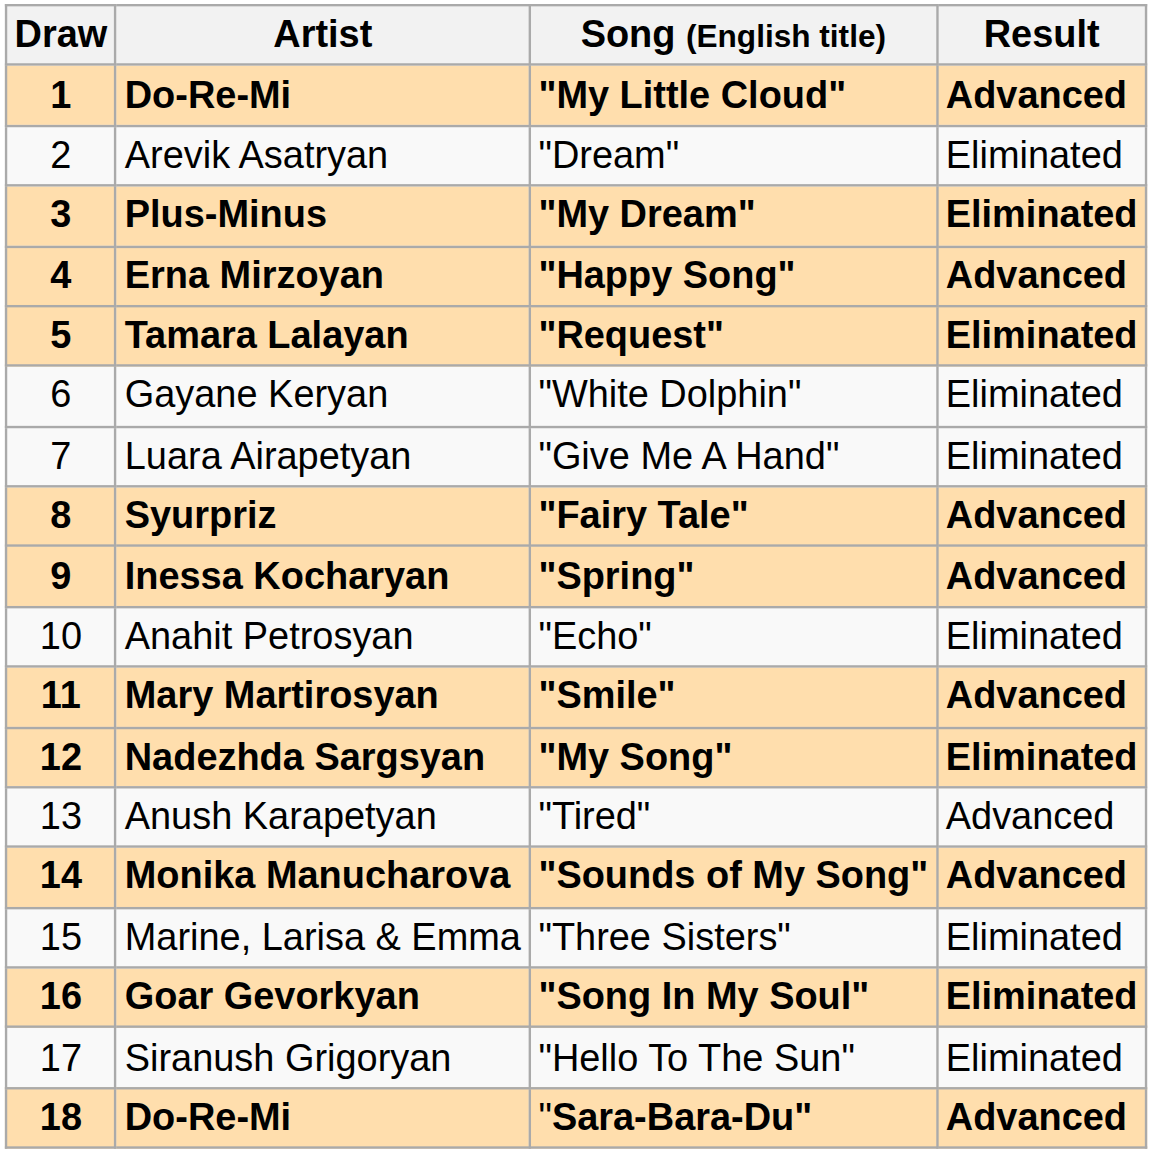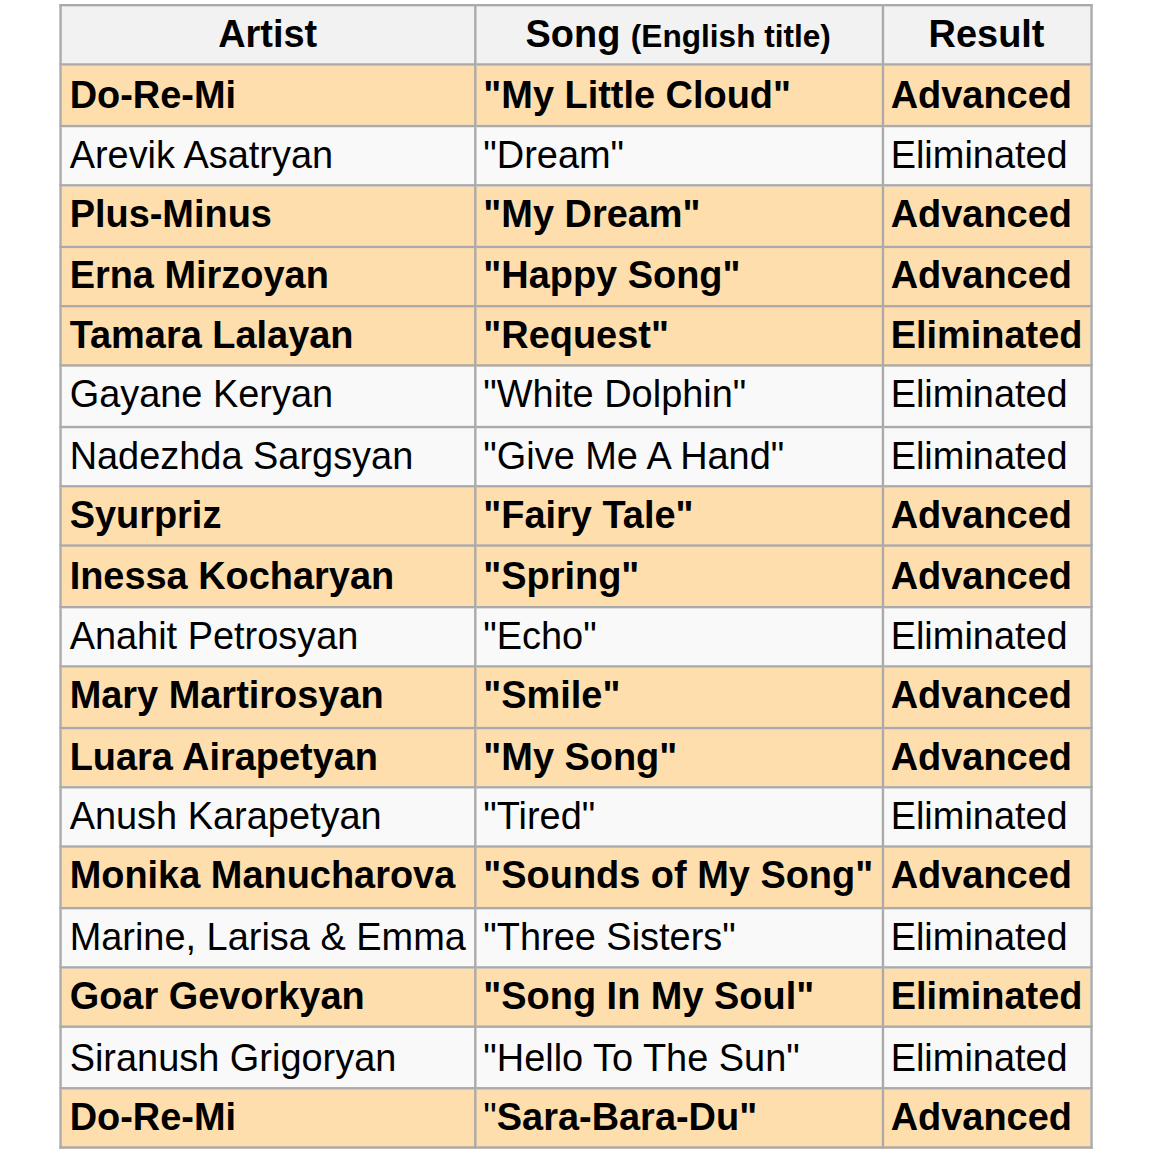 <table class="sortable wikitable" style="margin: 1em auto 1em auto">
 <tr>
-<th>Draw</th>
 <th>Artist</th>
 <th>Song <small>(English title)</small></th>
 <th>Result</th>
 </tr>
 <tr style="font-weight:bold;background:navajowhite">
-<td style="text-align:center;">1</td>
 <td>Do-Re-Mi</td>
 <td>"My Little Cloud"</td>
 <td>Advanced</td>
 </tr>
 <tr>
-<td style="text-align:center;">2</td>
 <td>Arevik Asatryan</td>
 <td>"Dream"</td>
 <td>Eliminated</td>
 </tr>
 <tr style="font-weight:bold;background:navajowhite">
-<td style="text-align:center;">3</td>
 <td>Plus-Minus</td>
 <td>"My Dream"</td>
-<td>Eliminated</td>
+<td>Advanced</td>
 </tr>
 <tr style="font-weight:bold;background:navajowhite">
-<td style="text-align:center;">4</td>
 <td>Erna Mirzoyan</td>
 <td>"Happy Song"</td>
 <td>Advanced</td>
 </tr>
 <tr style="font-weight:bold;background:navajowhite">
-<td style="text-align:center;">5</td>
 <td>Tamara Lalayan</td>
 <td>"Request"</td>
 <td>Eliminated</td>
 </tr>
 <tr>
-<td style="text-align:center;">6</td>
 <td>Gayane Keryan</td>
 <td>"White Dolphin"</td>
 <td>Eliminated</td>
 </tr>
 <tr>
-<td style="text-align:center;">7</td>
-<td>Luara Airapetyan</td>
+<td>Nadezhda Sargsyan</td>
 <td>"Give Me A Hand"</td>
 <td>Eliminated</td>
 </tr>
 <tr style="font-weight:bold;background:navajowhite">
-<td style="text-align:center;">8</td>
 <td>Syurpriz</td>
 <td>"Fairy Tale"</td>
 <td>Advanced</td>
 </tr>
 <tr style="font-weight:bold;background:navajowhite">
-<td style="text-align:center;">9</td>
 <td>Inessa Kocharyan</td>
 <td>"Spring"</td>
 <td>Advanced</td>
 </tr>
 <tr>
-<td style="text-align:center;">10</td>
 <td>Anahit Petrosyan</td>
 <td>"Echo"</td>
 <td>Eliminated</td>
 </tr>
 <tr style="font-weight:bold;background:navajowhite">
-<td style="text-align:center;">11</td>
 <td>Mary Martirosyan</td>
 <td>"Smile"</td>
 <td>Advanced</td>
 </tr>
 <tr style="font-weight:bold;background:navajowhite">
-<td style="text-align:center;">12</td>
-<td>Nadezhda Sargsyan</td>
+<td>Luara Airapetyan</td>
 <td>"My Song"</td>
+<td>Advanced</td>
+</tr>
+<tr>
+<td>Anush Karapetyan</td>
+<td>"Tired"</td>
 <td>Eliminated</td>
 </tr>
-<tr>
-<td style="text-align:center;">13</td>
-<td>Anush Karapetyan</td>
-<td>"Tired"</td>
-<td>Advanced</td>
-</tr>
 <tr style="font-weight:bold;background:navajowhite">
-<td style="text-align:center;">14</td>
 <td>Monika Manucharova</td>
 <td>"Sounds of My Song"</td>
 <td>Advanced</td>
 </tr>
 <tr>
-<td style="text-align:center;">15</td>
 <td>Marine, Larisa & Emma</td>
 <td>"Three Sisters"</td>
 <td>Eliminated</td>
 </tr>
 <tr style="font-weight:bold;background:navajowhite">
-<td style="text-align:center;">16</td>
 <td>Goar Gevorkyan</td>
 <td>"Song In My Soul"</td>
 <td>Eliminated</td>
 </tr>
 <tr>
-<td style="text-align:center;">17</td>
 <td>Siranush Grigoryan</td>
 <td>"Hello To The Sun"</td>
 <td>Eliminated</td>
 </tr>
 <tr bgcolor="#FFDEAD">
-<td style="text-align:center;"><strong>18</strong></td>
 <td><strong>Do-Re-Mi</strong></td>
 <td>"<strong>Sara-Bara-Du"</strong></td>
 <td><strong>Advanced</strong></td>
 </tr>
 </table>
